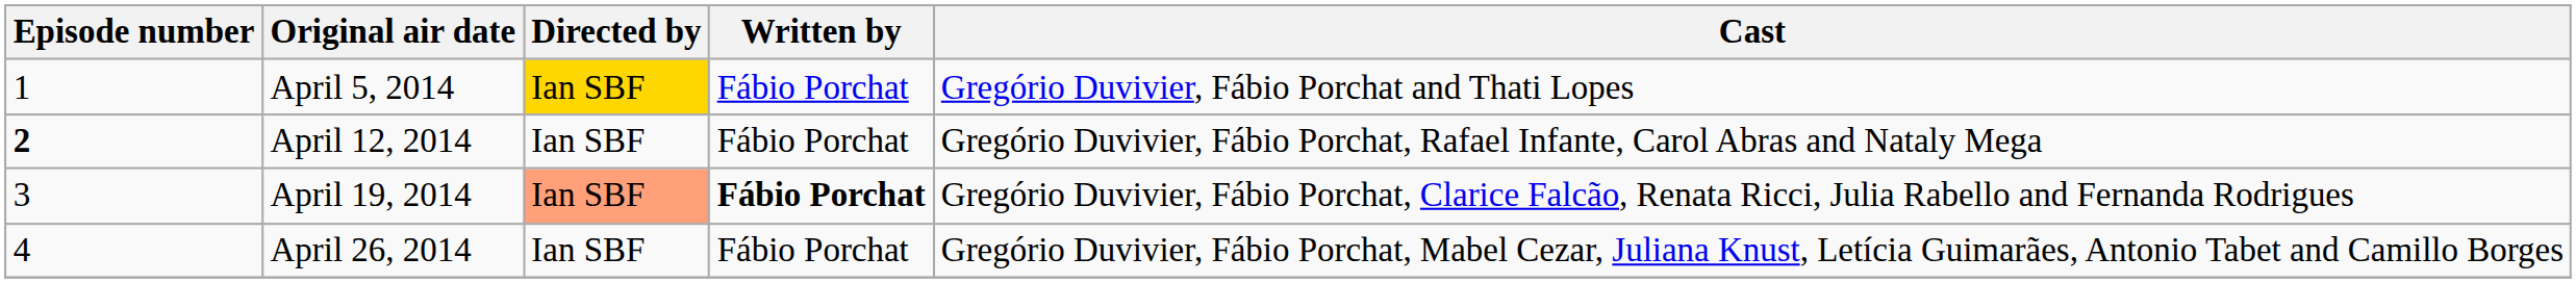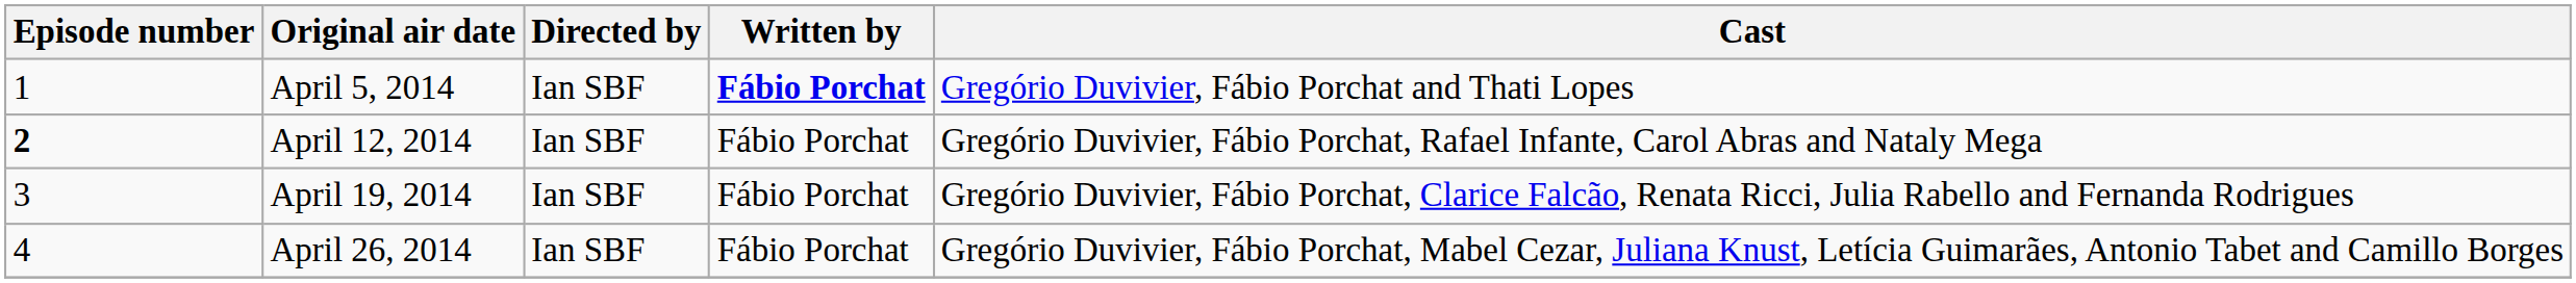 <table class="wikitable">
 <tr>
 <th>Episode number</th>
 <th>Original air date</th>
 <th>Directed by</th>
 <th>Written by</th>
 <th>Cast</th>
 </tr>
 <tr>
 <td>1</td>
 <td>April 5, 2014</td>
-<td style="background: gold;">Ian SBF</td>
-<td><a href='#'>Fábio Porchat</a></td>
+<td>Ian SBF</td>
+<td><strong><a href='#'>Fábio Porchat</a></strong></td>
 <td><a href='#'>Gregório Duvivier</a>, Fábio Porchat and Thati Lopes</td>
 </tr>
 <tr>
 <td><strong>2</strong></td>
 <td>April 12, 2014</td>
 <td>Ian SBF</td>
 <td>Fábio Porchat</td>
 <td>Gregório Duvivier, Fábio Porchat, Rafael Infante, Carol Abras and Nataly Mega</td>
 </tr>
 <tr>
 <td>3</td>
 <td>April 19, 2014</td>
-<td style="background: lightsalmon;">Ian SBF</td>
-<td><strong>Fábio Porchat</strong></td>
+<td>Ian SBF</td>
+<td>Fábio Porchat</td>
 <td>Gregório Duvivier, Fábio Porchat, <a href='#'>Clarice Falcão</a>, Renata Ricci, Julia Rabello and Fernanda Rodrigues</td>
 </tr>
 <tr>
 <td>4</td>
 <td>April 26, 2014</td>
 <td>Ian SBF</td>
 <td>Fábio Porchat</td>
 <td>Gregório Duvivier, Fábio Porchat, Mabel Cezar, <a href='#'>Juliana Knust</a>, Letícia Guimarães, Antonio Tabet and Camillo Borges</td>
 </tr>
 <tr>
 </tr>
 </table>
